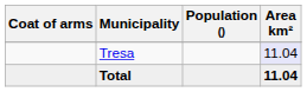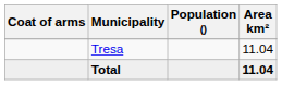 <table class="wikitable">
 <tr>
 <th>Coat of arms</th>
 <th>Municipality</th>
 <th>Population<br><small>()</small></th>
 <th>Area <br>km²</th>
 </tr>
 <tr>
 </tr>
 <tr>
 <td></td>
 <td><a href='#'>Tresa</a></td>
 <td align="center"></td>
-<td align="center" style="background: lavender;">11.04</td>
+<td align="center">11.04</td>
 </tr>
 <tr>
 <td bgcolor="#EFEFEF"></td>
 <td bgcolor="#EFEFEF"><strong>Total</strong></td>
 <td bgcolor="#EFEFEF" align="center"></td>
 <td bgcolor="#EFEFEF" align="center"><strong>11.04</strong></td>
 </tr>
 </table>
